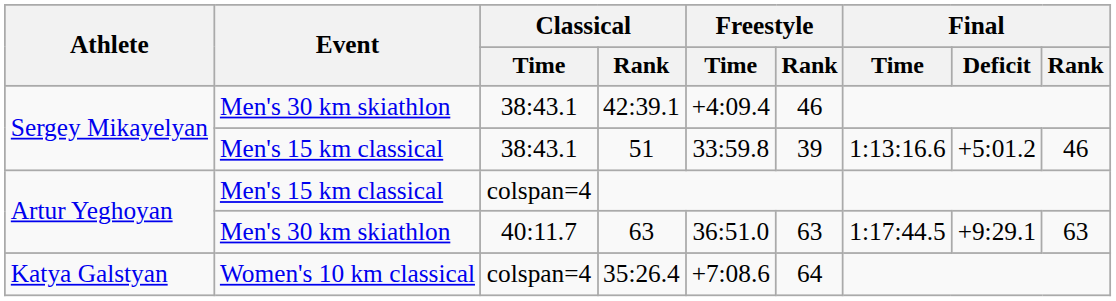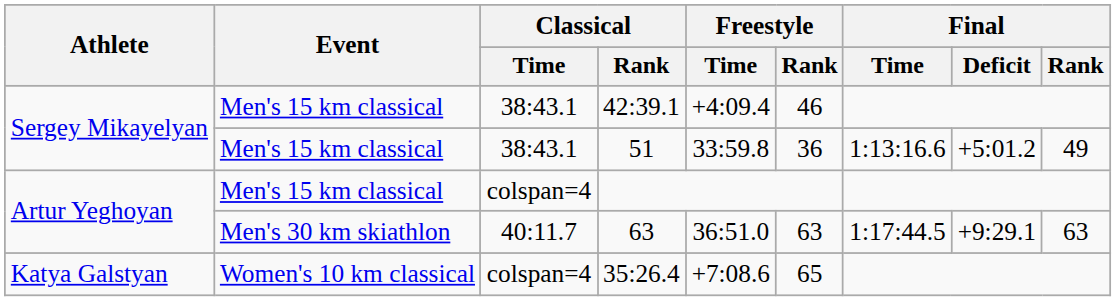 <table class="wikitable" style="font-size:90%">
 <tr>
 <th rowspan=2>Athlete</th>
 <th rowspan=2>Event</th>
 <th colspan=2>Classical</th>
 <th colspan=2>Freestyle</th>
 <th colspan=3>Final</th>
 </tr>
 <tr style="font-size: 95%">
 <th>Time</th>
 <th>Rank</th>
 <th>Time</th>
 <th>Rank</th>
 <th>Time</th>
 <th>Deficit</th>
 <th>Rank</th>
 </tr>
 <tr align=center>
 <td align=left rowspan=2><a href='#'>Sergey Mikayelyan</a></td>
-<td align=left><a href='#'>Men's 30 km skiathlon</a></td>
+<td align=left><a href='#'>Men's 15 km classical</a></td>
 <td>38:43.1</td>
 <td>42:39.1</td>
 <td>+4:09.4</td>
 <td>46</td>
 </tr>
 <tr align=center>
 <td align=left><a href='#'>Men's 15 km classical</a></td>
 <td>38:43.1</td>
 <td>51</td>
 <td>33:59.8</td>
-<td>39</td>
+<td>36</td>
 <td>1:13:16.6</td>
 <td>+5:01.2</td>
-<td>46</td>
+<td>49</td>
 </tr>
 <tr align=center>
 <td align=left rowspan=2><a href='#'>Artur Yeghoyan</a></td>
 <td align=left><a href='#'>Men's 15 km classical</a></td>
 <td>colspan=4 </td>
 <td colspan=3></td>
 </tr>
 <tr align=center>
 <td align=left><a href='#'>Men's 30 km skiathlon</a></td>
 <td>40:11.7</td>
 <td>63</td>
 <td>36:51.0</td>
 <td>63</td>
 <td>1:17:44.5</td>
 <td>+9:29.1</td>
 <td>63</td>
 </tr>
 <tr align=center>
 <td align=left><a href='#'>Katya Galstyan</a></td>
 <td align=left><a href='#'>Women's 10 km classical</a></td>
 <td>colspan=4 </td>
 <td>35:26.4</td>
 <td>+7:08.6</td>
-<td>64</td>
+<td>65</td>
 </tr>
 </table>
